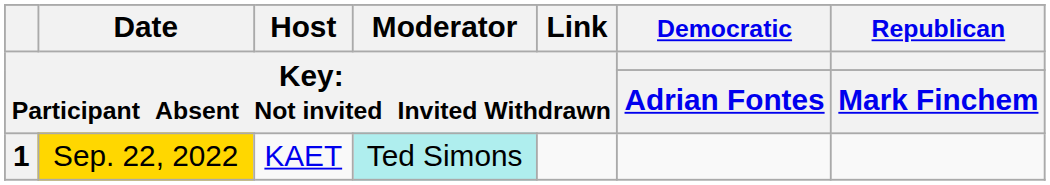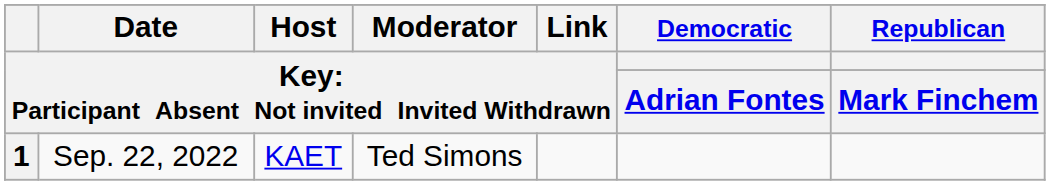 <table class="wikitable" style="text-align:center;">
 <tr>
 <th scope="col"></th>
 <th scope="col">Date</th>
 <th scope="col">Host</th>
 <th scope="col">Moderator</th>
 <th scope="col">Link</th>
 <th scope="col"><small><a href='#'>Democratic</a></small></th>
 <th scope="col"><small><a href='#'>Republican</a></small></th>
 </tr>
 <tr>
 <th colspan="5" rowspan="2">Key:<br> <small>Participant </small>  <small>Absent </small>  <small>Not invited </small>  <small>Invited  Withdrawn</small></th>
 <th scope="col" style="background:"></th>
 <th scope="col" style="background:"></th>
 </tr>
 <tr>
 <th scope="col"><a href='#'>Adrian Fontes</a></th>
 <th scope="col"><a href='#'>Mark Finchem</a></th>
 </tr>
 <tr>
 <th>1</th>
-<td style="background: gold; white-space:nowrap;">Sep. 22, 2022</td>
+<td style="white-space:nowrap;">Sep. 22, 2022</td>
 <td style="white-space:nowrap;"><a href='#'>KAET</a></td>
-<td style="background: paleturquoise; white-space:nowrap;">Ted Simons</td>
+<td style="white-space:nowrap;">Ted Simons</td>
 <td style="white-space:nowrap;"></td>
 <td></td>
 <td></td>
 </tr>
 </table>
